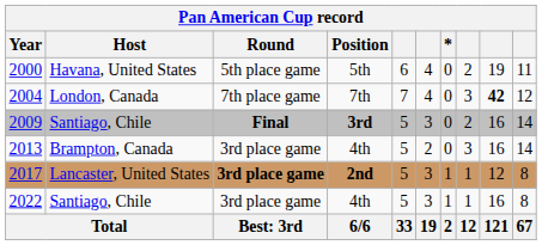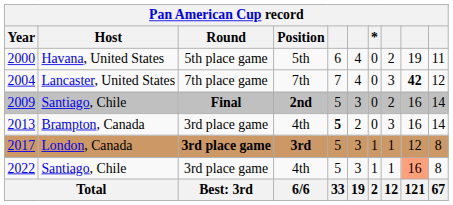 <table class="wikitable" style="text-align: center;">
 <tr>
 <th colspan=10><a href='#'>Pan American Cup</a> record</th>
 </tr>
 <tr>
 <th>Year</th>
 <th>Host</th>
 <th>Round</th>
 <th>Position</th>
 <th></th>
 <th></th>
 <th>*</th>
 <th></th>
 <th></th>
 <th></th>
 </tr>
 <tr>
 <td><a href='#'>2000</a></td>
 <td align=left> <a href='#'>Havana</a>, United States</td>
 <td>5th place game</td>
 <td>5th</td>
 <td>6</td>
 <td>4</td>
 <td>0</td>
 <td>2</td>
 <td>19</td>
 <td>11</td>
 </tr>
 <tr>
 <td><a href='#'>2004</a></td>
-<td align=left> <a href='#'>London</a>, Canada</td>
+<td align=left> <a href='#'>Lancaster</a>, United States</td>
 <td>7th place game</td>
 <td>7th</td>
 <td>7</td>
 <td>4</td>
 <td>0</td>
 <td>3</td>
 <td><strong>42</strong></td>
 <td>12</td>
 </tr>
 <tr bgcolor=silver>
 <td><a href='#'>2009</a></td>
 <td align=left> <a href='#'>Santiago</a>, Chile</td>
 <td><strong>Final</strong></td>
-<td><strong>3rd</strong></td>
+<td><strong>2nd</strong></td>
 <td>5</td>
 <td>3</td>
 <td>0</td>
 <td>2</td>
 <td>16</td>
 <td>14</td>
 </tr>
 <tr>
 <td><a href='#'>2013</a></td>
 <td align=left> <a href='#'>Brampton</a>, Canada</td>
 <td>3rd place game</td>
 <td>4th</td>
-<td>5</td>
+<td><strong>5</strong></td>
 <td>2</td>
 <td>0</td>
 <td>3</td>
 <td>16</td>
 <td>14</td>
 </tr>
 <tr bgcolor=cc9966>
 <td><a href='#'>2017</a></td>
-<td align=left> <a href='#'>Lancaster</a>, United States</td>
+<td align=left> <a href='#'>London</a>, Canada</td>
 <td><strong>3rd place game</strong></td>
-<td><strong>2nd</strong></td>
+<td><strong>3rd</strong></td>
 <td>5</td>
 <td>3</td>
 <td>1</td>
 <td>1</td>
 <td>12</td>
 <td>8</td>
 </tr>
 <tr>
 <td><a href='#'>2022</a></td>
 <td align=left> <a href='#'>Santiago</a>, Chile</td>
 <td>3rd place game</td>
 <td>4th</td>
 <td>5</td>
 <td>3</td>
 <td>1</td>
 <td>1</td>
-<td>16</td>
+<td style="background: lightsalmon;">16</td>
 <td>8</td>
 </tr>
 <tr>
 <th colspan=2>Total</th>
 <th>Best: 3rd</th>
 <th>6/6</th>
 <th>33</th>
 <th>19</th>
 <th>2</th>
 <th>12</th>
 <th>121</th>
 <th>67</th>
 </tr>
 </table>
